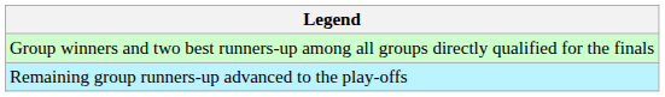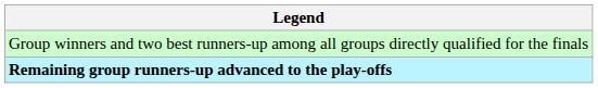 <table class="wikitable">
 <tr>
 <th>Legend</th>
 </tr>
 <tr bgcolor=#ccffcc>
 <td>Group winners and two best runners-up among all groups directly qualified for the finals</td>
 </tr>
 <tr bgcolor=#BBF3FF>
-<td>Remaining group runners-up advanced to the play-offs</td>
+<td><strong>Remaining group runners-up advanced to the play-offs</strong></td>
 </tr>
 </table>
